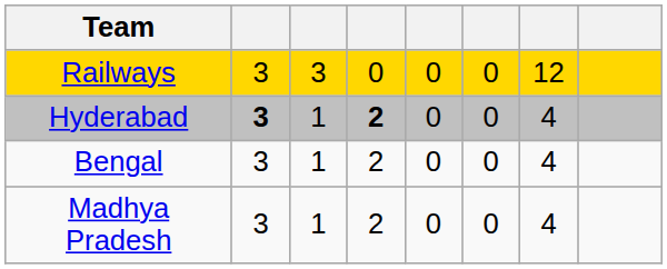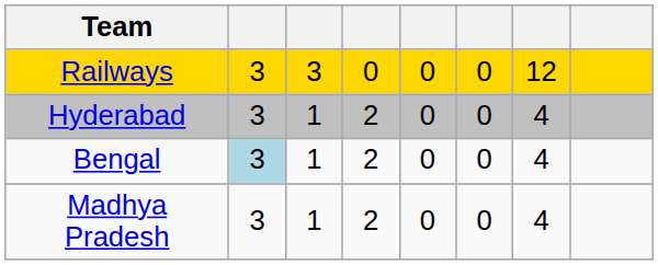 <table class="wikitable" style="text-align:center">
 <tr>
 <th style="width:120px">Team</th>
 <th style="width:25px"></th>
 <th style="width:25px"></th>
 <th style="width:25px"></th>
 <th style="width:25px"></th>
 <th style="width:25px"></th>
 <th style="width:25px"></th>
 <th style="width:40px;"></th>
 </tr>
 <tr style="background-color:gold">
 <td><a href='#'>Railways</a></td>
 <td>3</td>
 <td>3</td>
 <td>0</td>
 <td>0</td>
 <td>0</td>
 <td>12</td>
 <td></td>
 </tr>
 <tr style="background-color:silver">
 <td><a href='#'>Hyderabad</a></td>
-<td><strong>3</strong></td>
+<td>3</td>
 <td>1</td>
-<td><strong>2</strong></td>
+<td>2</td>
 <td>0</td>
 <td>0</td>
 <td>4</td>
 <td></td>
 </tr>
 <tr>
 <td><a href='#'>Bengal</a></td>
-<td>3</td>
+<td style="background: lightblue;">3</td>
 <td>1</td>
 <td>2</td>
 <td>0</td>
 <td>0</td>
 <td>4</td>
 <td></td>
 </tr>
 <tr>
 <td><a href='#'>Madhya Pradesh</a></td>
 <td>3</td>
 <td>1</td>
 <td>2</td>
 <td>0</td>
 <td>0</td>
 <td>4</td>
 <td></td>
 </tr>
 </table>
